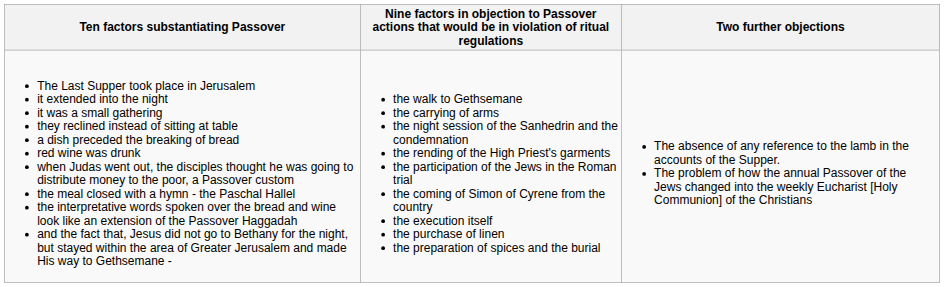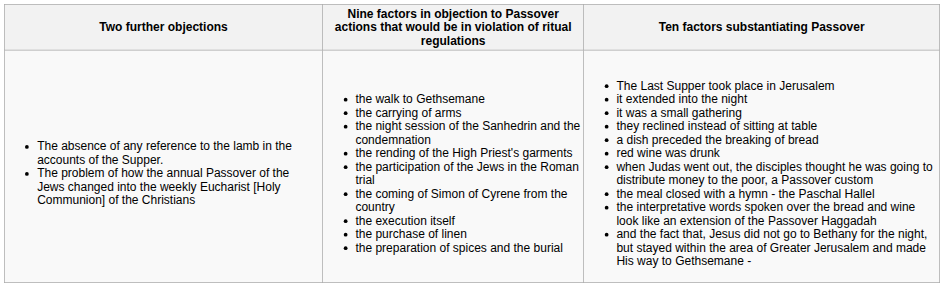 <table class="wikitable">
 <tr>
+<th>Two further objections</th>
+<th>Nine factors in objection to Passover actions that would be in violation of ritual regulations</th>
 <th>Ten factors substantiating Passover</th>
-<th>Nine factors in objection to Passover actions that would be in violation of ritual regulations</th>
-<th>Two further objections</th>
 </tr>
 <tr>
+<td><br><ul><li>The absence of any reference to the lamb in the accounts of the Supper.</li><li>The problem of how the annual Passover of the Jews changed into the weekly Eucharist [Holy Communion] of the Christians</li></ul></td>
+<td><br><ul><li>the walk to Gethsemane</li><li>the carrying of arms</li><li>the night session of the Sanhedrin and the condemnation</li><li>the rending of the High Priest's garments</li><li>the participation of the Jews in the Roman trial</li><li>the coming of Simon of Cyrene from the country</li><li>the execution itself</li><li>the purchase of linen</li><li>the preparation of spices and the burial</li></ul></td>
 <td><br><ul><li>The Last Supper took place in Jerusalem</li><li>it extended into the night</li><li>it was a small gathering</li><li>they reclined instead of sitting at table</li><li>a dish preceded the breaking of bread</li><li>red wine was drunk</li><li>when Judas went out, the disciples thought he was going to distribute money to the poor, a Passover custom</li><li>the meal closed with a hymn - the Paschal Hallel</li><li>the interpretative words spoken over the bread and wine look like an extension of the Passover Haggadah</li><li>and the fact that, Jesus did not go to Bethany for the night, but stayed within the area of Greater Jerusalem and made His way to Gethsemane -</li></ul></td>
-<td><br><ul><li>the walk to Gethsemane</li><li>the carrying of arms</li><li>the night session of the Sanhedrin and the condemnation</li><li>the rending of the High Priest's garments</li><li>the participation of the Jews in the Roman trial</li><li>the coming of Simon of Cyrene from the country</li><li>the execution itself</li><li>the purchase of linen</li><li>the preparation of spices and the burial</li></ul></td>
-<td><br><ul><li>The absence of any reference to the lamb in the accounts of the Supper.</li><li>The problem of how the annual Passover of the Jews changed into the weekly Eucharist [Holy Communion] of the Christians</li></ul></td>
 </tr>
 </table>
